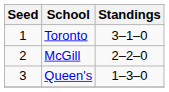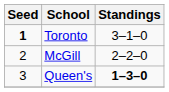 <table class="wikitable">
 <tr>
 <th>Seed</th>
 <th>School</th>
 <th>Standings</th>
 </tr>
 <tr>
-<td align=center>1</td>
+<td align=center><strong>1</strong></td>
 <td><a href='#'>Toronto</a></td>
 <td align=center>3–1–0</td>
 </tr>
 <tr>
 <td align=center>2</td>
 <td><a href='#'>McGill</a></td>
 <td align=center>2–2–0</td>
 </tr>
 <tr>
 <td align=center>3</td>
 <td><a href='#'>Queen's</a></td>
-<td align=center>1–3–0</td>
+<td align=center><strong>1–3–0</strong></td>
 </tr>
 <tr>
 </tr>
 </table>
